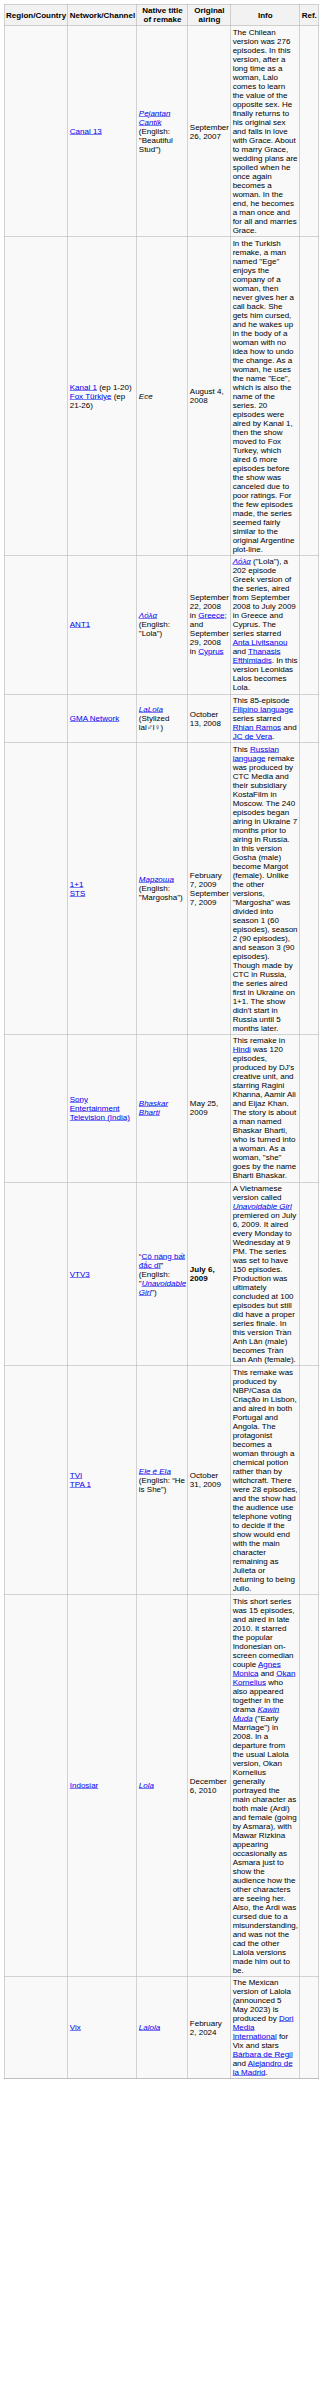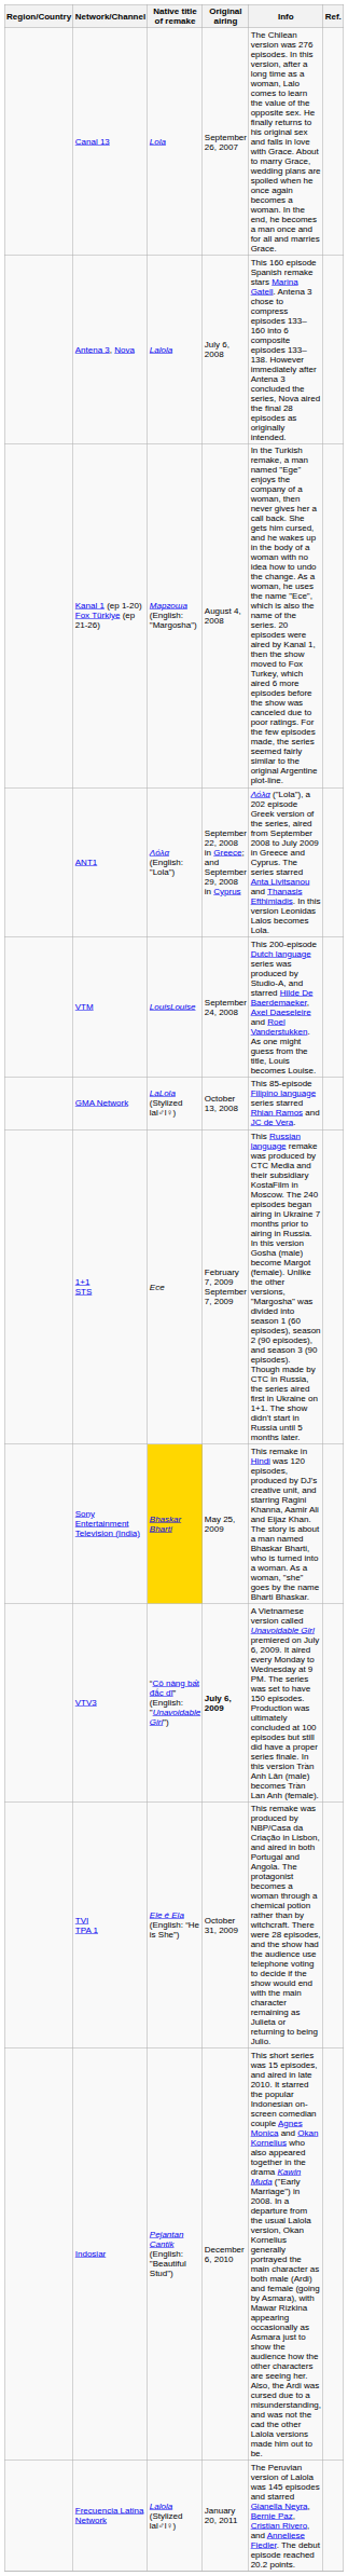 <table class="wikitable">
 <tr>
 <th>Region/Country</th>
 <th>Network/Channel</th>
 <th>Native title of remake</th>
 <th>Original airing</th>
 <th>Info</th>
 <th>Ref.</th>
 </tr>
 <tr>
 <td></td>
 <td><a href='#'>Canal 13</a></td>
-<td><em><a href='#'>Pejantan Cantik</a></em><br>(English: "Beautiful Stud")</td>
+<td><em><a href='#'>Lola</a></em></td>
 <td>September 26, 2007</td>
 <td>The Chilean version was 276 episodes. In this version, after a long time as a woman, Lalo comes to learn the value of the opposite sex. He finally returns to his original sex and falls in love with Grace. About to marry Grace, wedding plans are spoiled when he once again becomes a woman. In the end, he becomes a man once and for all and marries Grace.</td>
 <td></td>
 </tr>
 <tr>
 <td></td>
+<td><a href='#'>Antena 3</a>, <a href='#'>Nova</a></td>
+<td><em><a href='#'>Lalola</a></em></td>
+<td>July 6, 2008</td>
+<td>This 160 episode Spanish remake stars <a href='#'>Marina Gatell</a>. Antena 3 chose to compress episodes 133–160 into 6 composite episodes 133–138. However immediately after Antena 3 concluded the series, Nova aired the final 28 episodes as originally intended.</td>
+<td></td>
+</tr>
+<tr>
+<td></td>
 <td><a href='#'>Kanal 1</a> (ep 1-20) <a href='#'>Fox Türkiye</a> (ep 21-26)</td>
-<td><em>Ece</em></td>
+<td><em><a href='#'>Маргоша</a></em><br>(English: "Margosha")</td>
 <td>August 4, 2008</td>
 <td>In the Turkish remake, a man named "Ege" enjoys the company of a woman, then never gives her a call back. She gets him cursed, and he wakes up in the body of a woman with no idea how to undo the change. As a woman, he uses the name "Ece", which is also the name of the series. 20 episodes were aired by Kanal 1, then the show moved to Fox Turkey, which aired 6 more episodes before the show was canceled due to poor ratings. For the few episodes made, the series seemed fairly similar to the original Argentine plot-line.</td>
 <td></td>
 </tr>
 <tr>
 <td><br></td>
 <td><a href='#'>ANT1</a></td>
 <td><em><a href='#'>Λόλα</a></em><br>(English: "Lola")</td>
 <td>September 22, 2008 in <a href='#'>Greece</a>; and September 29, 2008 in <a href='#'>Cyprus</a></td>
 <td><em><a href='#'>Λόλα</a></em> ("Lola"), a 202 episode Greek version of the series, aired from September 2008 to July 2009 in Greece and Cyprus. The series starred <a href='#'>Anta Livitsanou</a> and <a href='#'>Thanasis Efthimiadis</a>. In this version Leonidas Lalos becomes Lola.</td>
 <td></td>
 </tr>
 <tr>
 <td></td>
+<td><a href='#'>VTM</a></td>
+<td><em><a href='#'>LouisLouise</a></em></td>
+<td>September 24, 2008</td>
+<td>This 200-episode <a href='#'>Dutch language</a> series was produced by Studio-A, and starred <a href='#'>Hilde De Baerdemaeker</a>, <a href='#'>Axel Daeseleire</a> and <a href='#'>Roel Vanderstukken</a>. As one might guess from the title, Louis becomes Louise.</td>
+<td></td>
+</tr>
+<tr>
+<td></td>
 <td><a href='#'>GMA Network</a></td>
 <td><em><a href='#'>LaLola</a></em><br>(Stylized lal♂l♀)</td>
 <td>October 13, 2008</td>
 <td>This 85-episode <a href='#'>Filipino language</a> series starred <a href='#'>Rhian Ramos</a> and <a href='#'>JC de Vera</a>.</td>
 <td></td>
 </tr>
 <tr>
 <td><br></td>
 <td><a href='#'>1+1</a><br><a href='#'>STS</a></td>
-<td><em><a href='#'>Маргоша</a></em><br>(English: "Margosha")</td>
+<td><em>Ece</em></td>
 <td>February 7, 2009<br>September 7, 2009</td>
 <td>This <a href='#'>Russian language</a> remake was produced by CTC Media and their subsidiary KostaFilm in Moscow. The 240 episodes began airing in Ukraine 7 months prior to airing in Russia. In this version Gosha (male) become Margot (female). Unlike the other versions, "Margosha" was divided into season 1 (60 episodes), season 2 (90 episodes), and season 3 (90 episodes). Though made by CTC in Russia, the series aired first in Ukraine on 1+1. The show didn't start in Russia until 5 months later.</td>
 <td></td>
 </tr>
 <tr>
 <td></td>
 <td><a href='#'>Sony Entertainment Television (India)</a></td>
-<td><em><a href='#'>Bhaskar Bharti</a></em></td>
+<td style="background: gold;"><em><a href='#'>Bhaskar Bharti</a></em></td>
 <td>May 25, 2009</td>
 <td>This remake in <a href='#'>Hindi</a> was 120 episodes, produced by DJ's creative unit, and starring Ragini Khanna, Aamir Ali and Eijaz Khan. The story is about a man named Bhaskar Bharti, who is turned into a woman. As a woman, "she" goes by the name Bharti Bhaskar.</td>
 <td></td>
 </tr>
 <tr>
 <td></td>
 <td><a href='#'>VTV3</a></td>
 <td>“<a href='#'>Cô nàng bất đắc dĩ</a>”<br>(English: "<em><a href='#'>Unavoidable Girl</a></em>")</td>
 <td><strong>July 6, 2009</strong></td>
 <td>A Vietnamese version called <em><a href='#'>Unavoidable Girl</a></em> premiered on July 6, 2009. It aired every Monday to Wednesday at 9 PM. The series was set to have 150 episodes. Production was ultimately concluded at 100 episodes but still did have a proper series finale. In this version Trần Anh Lân (male) becomes Trần Lan Anh (female).</td>
 <td></td>
 </tr>
 <tr>
 <td><br></td>
 <td><a href='#'>TVI</a><br><a href='#'>TPA 1</a></td>
 <td><em><a href='#'>Ele é Ela</a></em><br>(English: “He is She”)</td>
 <td>October 31, 2009</td>
 <td>This remake was produced by NBP/Casa da Criação in Lisbon, and aired in both Portugal and Angola. The protagonist becomes a woman through a chemical potion rather than by witchcraft. There were 28 episodes, and the show had the audience use telephone voting to decide if the show would end with the main character remaining as Julieta or returning to being Julio.</td>
 <td></td>
 </tr>
 <tr>
 <td></td>
 <td><a href='#'>Indosiar</a></td>
-<td><em><a href='#'>Lola</a></em></td>
+<td><em><a href='#'>Pejantan Cantik</a></em><br>(English: "Beautiful Stud")</td>
 <td>December 6, 2010</td>
 <td>This short series was 15 episodes, and aired in late 2010. It starred the popular Indonesian on-screen comedian couple <a href='#'>Agnes Monica</a> and <a href='#'>Okan Kornelius</a> who also appeared together in the drama <em><a href='#'>Kawin Muda</a></em> ("Early Marriage") in 2008. In a departure from the usual Lalola version, Okan Kornelius generally portrayed the main character as both male (Ardi) and female (going by Asmara), with Mawar Rizkina appearing occasionally as Asmara just to show the audience how the other characters are seeing her. Also, the Ardi was cursed due to a misunderstanding, and was not the cad the other Lalola versions made him out to be.</td>
 <td></td>
 </tr>
 <tr>
 <td></td>
-<td><a href='#'>Vix</a></td>
-<td><em><a href='#'>Lalola</a></em></td>
-<td>February 2, 2024</td>
-<td>The Mexican version of Lalola (announced 5 May 2023) is produced by <a href='#'>Dori Media International</a> for Vix and stars <a href='#'>Bárbara de Regil</a> and <a href='#'>Alejandro de la Madrid</a>.</td>
+<td><a href='#'>Frecuencia Latina Network</a></td>
+<td><em><a href='#'>Lalola</a></em><br>(Stylized lal♂l♀)</td>
+<td>January 20, 2011</td>
+<td>The Peruvian version of Lalola was 145 episodes and starred <a href='#'>Gianella Neyra</a>, <a href='#'>Bernie Paz</a>, <a href='#'>Cristian Rivero</a>, and <a href='#'>Anneliese Fiedler</a>. The debut episode reached 20.2 points.</td>
 <td></td>
 </tr>
 <tr>
 </tr>
 </table>
